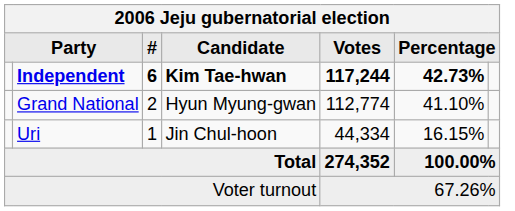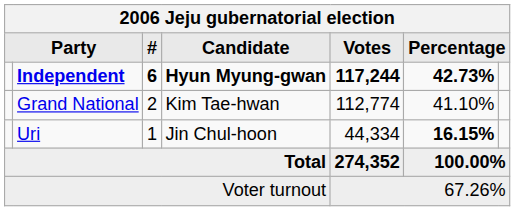 <table class="wikitable">
 <tr>
 <th colspan="7">2006 Jeju gubernatorial election</th>
 </tr>
 <tr>
 <th style="background-color:#E9E9E9" colspan=2>Party</th>
 <th style="background-color:#E9E9E9">#</th>
 <th style="background-color:#E9E9E9">Candidate</th>
 <th style="background-color:#E9E9E9">Votes</th>
 <th style="background-color:#E9E9E9" colspan=2>Percentage</th>
 </tr>
 <tr style="font-weight:bold">
 <td></td>
 <td align=left><a href='#'>Independent</a></td>
 <td align=center>6</td>
-<td align=left>Kim Tae-hwan</td>
+<td align=left>Hyun Myung-gwan</td>
 <td align=right>117,244</td>
 <td align=right>42.73%</td>
 <td align=right></td>
 </tr>
 <tr>
 <td></td>
 <td align=left><a href='#'>Grand National</a></td>
 <td align=center>2</td>
-<td align=left>Hyun Myung-gwan</td>
+<td align=left>Kim Tae-hwan</td>
 <td align=right>112,774</td>
 <td align=right>41.10%</td>
 <td align=right></td>
 </tr>
 <tr>
 <td></td>
 <td align=left><a href='#'>Uri</a></td>
 <td align=center>1</td>
 <td align=left>Jin Chul-hoon</td>
 <td align=right>44,334</td>
-<td align=right>16.15%</td>
+<td align=right><strong>16.15%</strong></td>
 <td align=right></td>
 </tr>
 <tr bgcolor="#EEEEEE" style="font-weight:bold">
 <td colspan="4" align=right>Total</td>
 <td align=right>274,352</td>
 <td align=right colspan=2>100.00%</td>
 </tr>
 <tr bgcolor="#EEEEEE">
 <td colspan="4" align="right">Voter turnout</td>
 <td colspan="3" align="right">67.26%</td>
 </tr>
 </table>
